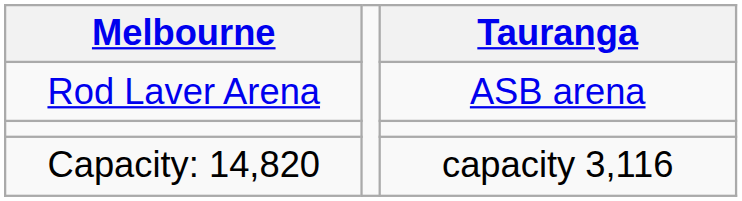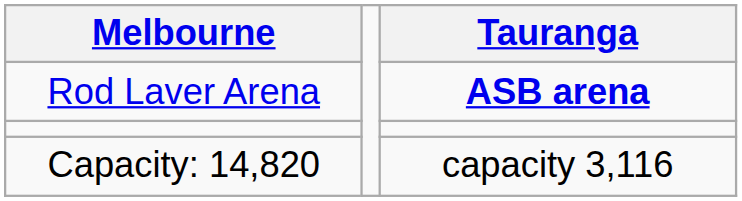 <table class=wikitable align="center" style="text-align:center;">
 <tr>
 <th width=150px><a href='#'>Melbourne</a></th>
 <td rowspan=4></td>
 <th width=150px><a href='#'>Tauranga</a></th>
 </tr>
 <tr>
 <td><a href='#'>Rod Laver Arena</a></td>
-<td><a href='#'>ASB arena</a></td>
+<td><strong><a href='#'>ASB arena</a></strong></td>
 </tr>
 <tr>
 <td></td>
 <td></td>
 </tr>
 <tr>
 <td>Capacity: 14,820</td>
 <td>capacity 3,116</td>
 </tr>
 </table>
